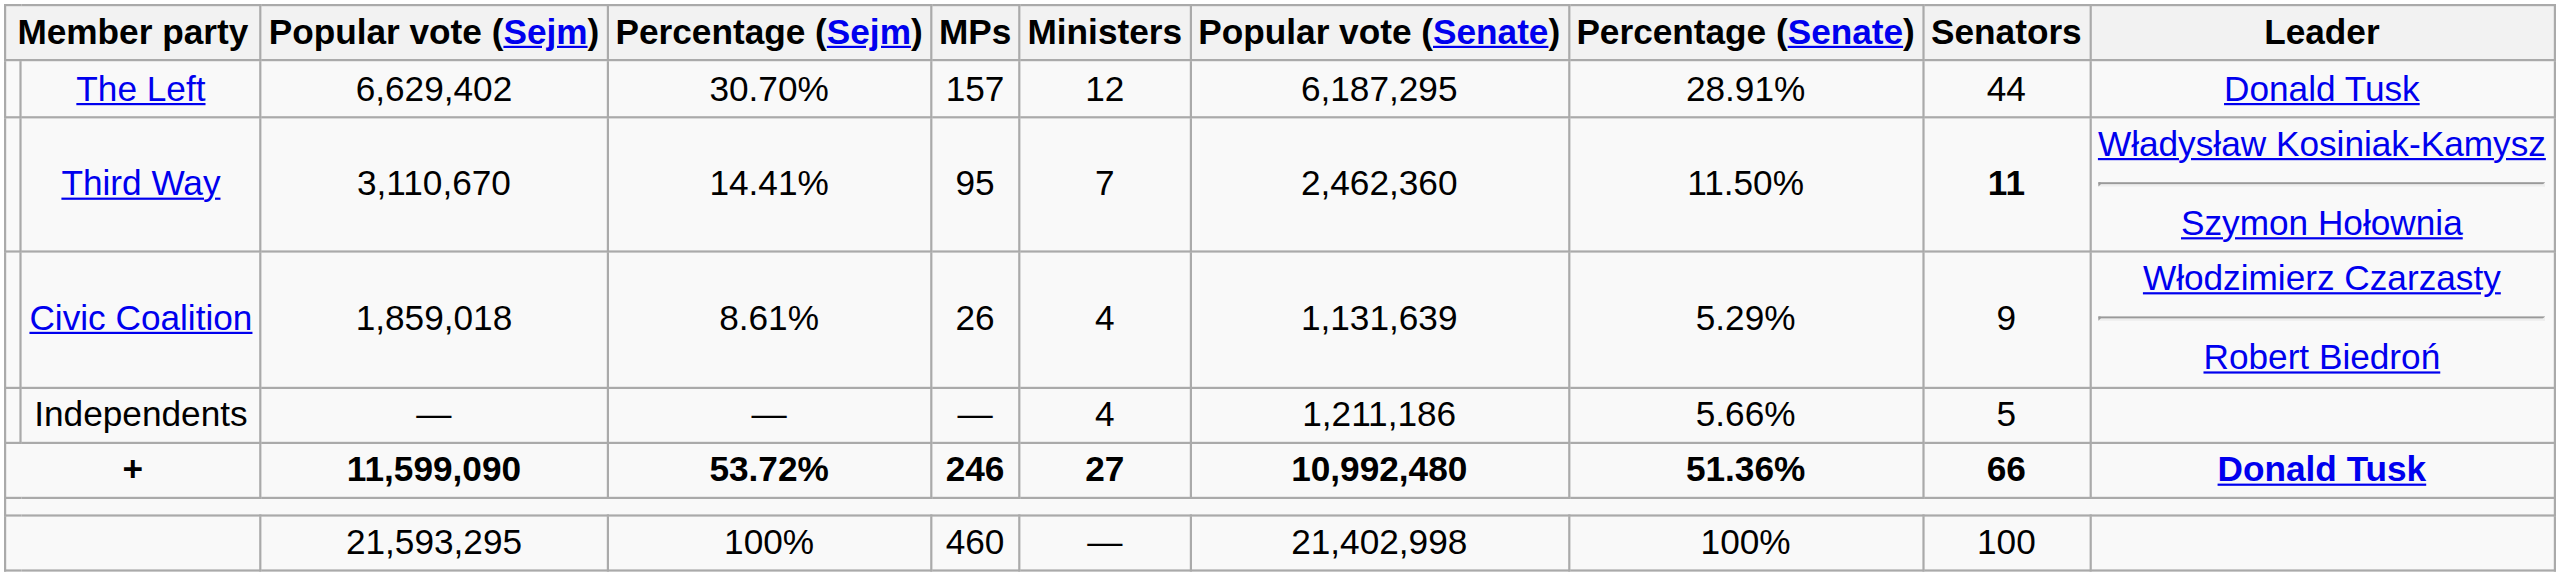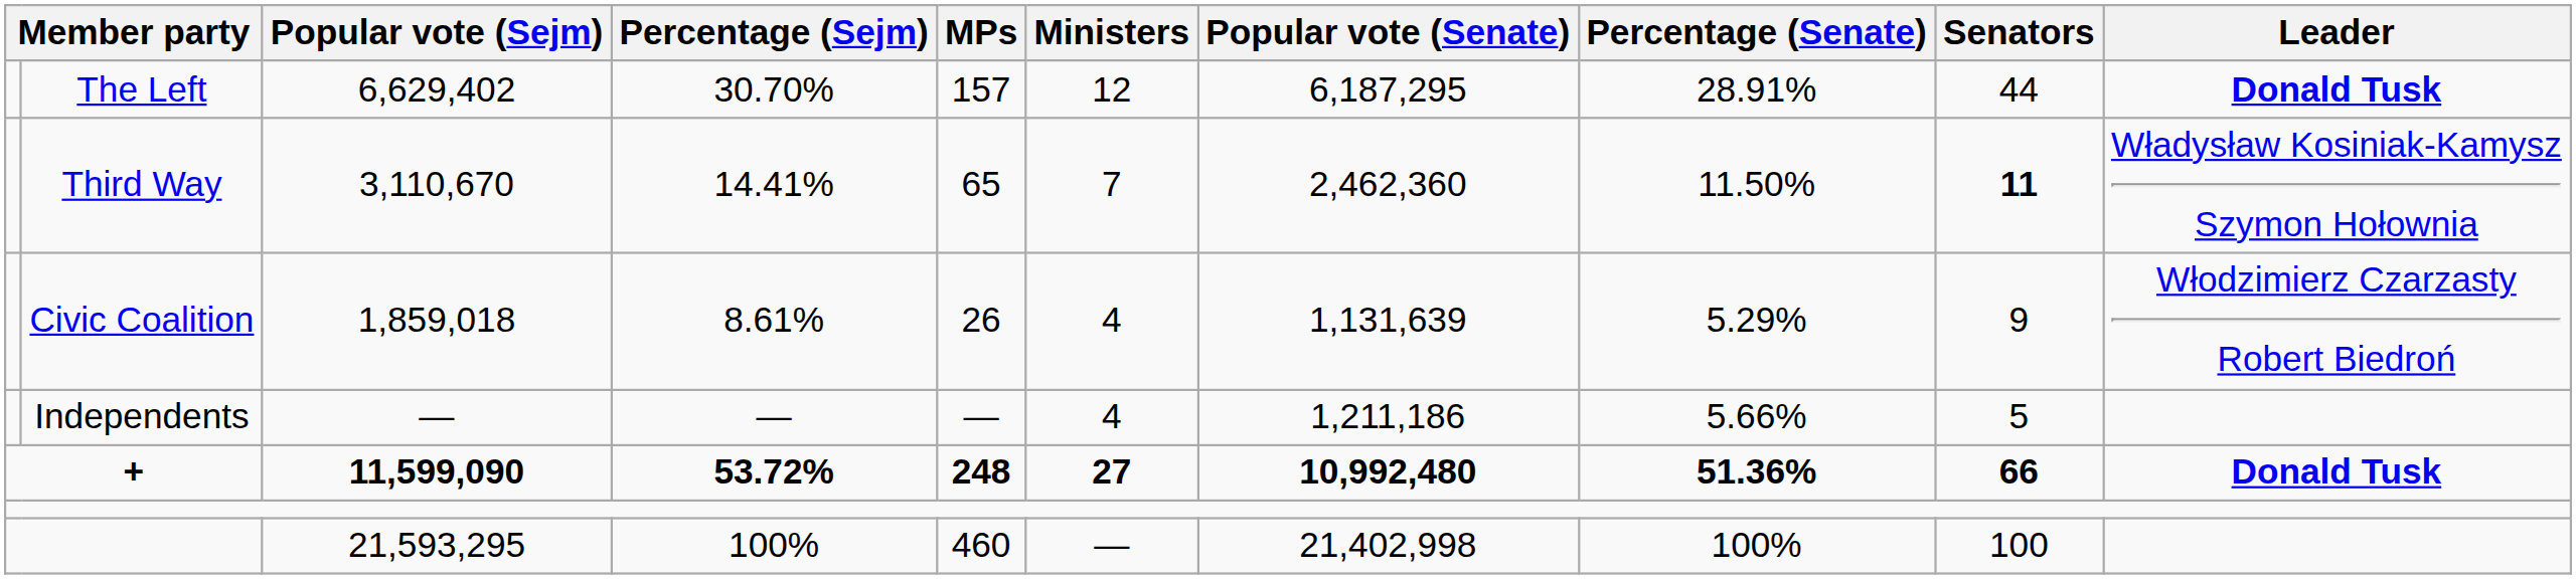 <table class="wikitable" border="1" style="text-align:center">
 <tr>
 <th colspan=2>Member party</th>
 <th>Popular vote (<a href='#'>Sejm</a>)</th>
 <th>Percentage (<a href='#'>Sejm</a>)</th>
 <th>MPs</th>
 <th>Ministers</th>
 <th>Popular vote (<a href='#'>Senate</a>)</th>
 <th>Percentage (<a href='#'>Senate</a>)</th>
 <th>Senators</th>
 <th>Leader</th>
 </tr>
 <tr>
 <td style="background:"></td>
 <td><a href='#'>The Left</a></td>
 <td>6,629,402</td>
 <td>30.70%</td>
 <td>157</td>
 <td>12</td>
 <td>6,187,295</td>
 <td>28.91%</td>
 <td>44</td>
-<td><a href='#'>Donald Tusk</a></td>
+<td><strong><a href='#'>Donald Tusk</a></strong></td>
 </tr>
 <tr>
 <td style="background:"></td>
 <td><a href='#'>Third Way</a></td>
 <td>3,110,670</td>
 <td>14.41%</td>
-<td>95</td>
+<td>65</td>
 <td>7</td>
 <td>2,462,360</td>
 <td>11.50%</td>
 <td><strong>11</strong></td>
 <td><a href='#'>Władysław Kosiniak-Kamysz</a><hr><a href='#'>Szymon Hołownia</a></td>
 </tr>
 <tr>
 <td style="background:"></td>
 <td><a href='#'>Civic Coalition</a></td>
 <td>1,859,018</td>
 <td>8.61%</td>
 <td>26</td>
 <td>4</td>
 <td>1,131,639</td>
 <td>5.29%</td>
 <td>9</td>
 <td><a href='#'>Włodzimierz Czarzasty</a><hr><a href='#'>Robert Biedroń</a></td>
 </tr>
 <tr>
 <td style="background:"></td>
 <td>Independents</td>
 <td>—</td>
 <td>—</td>
 <td>—</td>
 <td>4</td>
 <td>1,211,186</td>
 <td>5.66%</td>
 <td>5</td>
 <td></td>
 </tr>
 <tr>
 <td colspan=2><strong>+</strong></td>
 <td><strong>11,599,090</strong></td>
 <td><strong>53.72%</strong></td>
-<td><strong>246</strong></td>
+<td><strong>248</strong></td>
 <td><strong>27</strong></td>
 <td><strong>10,992,480</strong></td>
 <td><strong>51.36%</strong></td>
 <td><strong>66</strong></td>
 <td><strong><a href='#'>Donald Tusk</a></strong></td>
 </tr>
 <tr>
 <td colspan="10"></td>
 </tr>
 <tr>
 <td colspan=2></td>
 <td>21,593,295</td>
 <td>100%</td>
 <td>460</td>
 <td>—</td>
 <td>21,402,998</td>
 <td>100%</td>
 <td>100</td>
 <td></td>
 </tr>
 </table>
